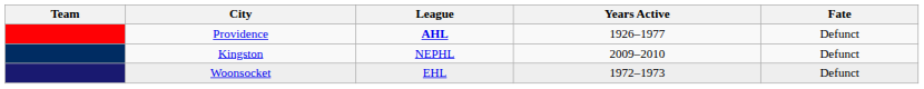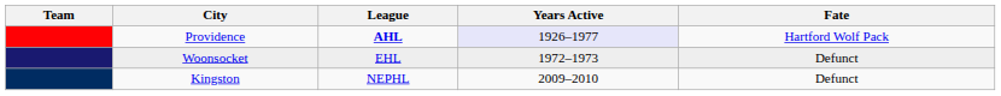 <table class="wikitable sortable" width="60%">
 <tr>
 <th>Team</th>
 <th>City</th>
 <th>League</th>
 <th>Years Active</th>
 <th>Fate</th>
 </tr>
 <tr align=center>
 <td style="color:white; background:#ff0105; "><strong><a href='#'></a></strong></td>
 <td><a href='#'>Providence</a></td>
 <td><strong><a href='#'>AHL</a></strong></td>
-<td>1926–1977</td>
+<td style="background: lavender;">1926–1977</td>
+<td><a href='#'>Hartford Wolf Pack</a></td>
+</tr>
+<tr align=center bgcolor=eeeeee>
+<td style="color:white; background:#191970"><strong><a href='#'></a></strong></td>
+<td><a href='#'>Woonsocket</a></td>
+<td><a href='#'>EHL</a></td>
+<td>1972–1973</td>
 <td>Defunct</td>
 </tr>
 <tr align=center>
 <td style="color:white; background:#002C62; "><strong><a href='#'></a></strong></td>
 <td><a href='#'>Kingston</a></td>
 <td><a href='#'>NEPHL</a></td>
 <td>2009–2010</td>
 <td>Defunct</td>
 </tr>
-<tr align=center bgcolor=eeeeee>
-<td style="color:white; background:#191970"><strong><a href='#'></a></strong></td>
-<td><a href='#'>Woonsocket</a></td>
-<td><a href='#'>EHL</a></td>
-<td>1972–1973</td>
-<td>Defunct</td>
-</tr>
 </table>
